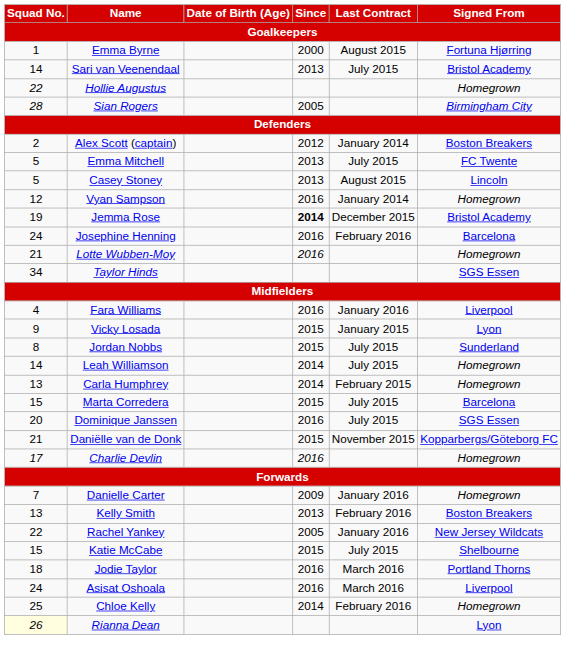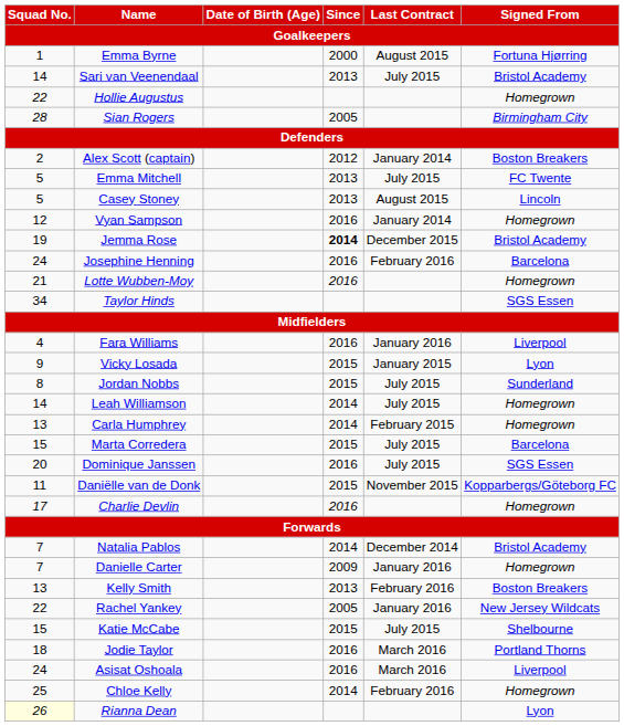 <table class="wikitable" style="text-align:center; font-size:100%; ">
 <tr>
 <th style="background:#d50000; color:white; text-align:center;">Squad No.</th>
 <th style="background:#d50000; color:white; text-align:center;">Name</th>
 <th style="background:#d50000; color:white; text-align:center;">Date of Birth (Age)</th>
 <th style="background:#d50000; color:white; text-align:center;">Since</th>
 <th style="background:#d50000; color:white; text-align:center;">Last Contract</th>
 <th style="background:#d50000; color:white; text-align:center;">Signed From</th>
 </tr>
 <tr>
 <th colspan="6" style="background:#d50000; color:white; text-align:center">Goalkeepers</th>
 </tr>
 <tr>
 <td>1</td>
 <td> <a href='#'>Emma Byrne</a></td>
 <td></td>
 <td>2000</td>
 <td>August 2015</td>
 <td> <a href='#'>Fortuna Hjørring</a></td>
 </tr>
 <tr>
 <td>14</td>
 <td> <a href='#'>Sari van Veenendaal</a></td>
 <td></td>
 <td>2013</td>
 <td>July 2015</td>
 <td> <a href='#'>Bristol Academy</a></td>
 </tr>
 <tr>
 <td><em>22</em></td>
 <td><em> <a href='#'>Hollie Augustus</a></em></td>
 <td></td>
 <td></td>
 <td></td>
 <td><em>Homegrown</em></td>
 </tr>
 <tr>
 <td><em>28</em></td>
 <td><em> <a href='#'>Sian Rogers</a></em></td>
 <td></td>
 <td>2005</td>
 <td></td>
 <td> <em><a href='#'>Birmingham City</a></em></td>
 </tr>
 <tr>
 <th colspan="6" style="background:#d50000; color:white; text-align:center">Defenders</th>
 </tr>
 <tr>
 <td>2</td>
 <td> <a href='#'>Alex Scott</a> (<a href='#'>captain</a>)</td>
 <td></td>
 <td>2012</td>
 <td>January 2014</td>
 <td> <a href='#'>Boston Breakers</a></td>
 </tr>
 <tr>
 <td>5</td>
 <td> <a href='#'>Emma Mitchell</a></td>
 <td></td>
 <td>2013</td>
 <td>July 2015</td>
 <td> <a href='#'>FC Twente</a></td>
 </tr>
 <tr>
 <td>5</td>
 <td> <a href='#'>Casey Stoney</a></td>
 <td></td>
 <td>2013</td>
 <td>August 2015</td>
 <td> <a href='#'>Lincoln</a></td>
 </tr>
 <tr>
 <td>12</td>
 <td><em></em> <a href='#'>Vyan Sampson</a></td>
 <td></td>
 <td>2016</td>
 <td>January 2014</td>
 <td><em>Homegrown</em></td>
 </tr>
 <tr>
 <td>19</td>
 <td> <a href='#'>Jemma Rose</a></td>
 <td></td>
 <td><strong>2014</strong></td>
 <td>December 2015</td>
 <td> <a href='#'>Bristol Academy</a></td>
 </tr>
 <tr>
 <td>24</td>
 <td> <a href='#'>Josephine Henning</a></td>
 <td></td>
 <td>2016</td>
 <td>February 2016</td>
 <td> <a href='#'>Barcelona</a></td>
 </tr>
 <tr>
 <td>21</td>
 <td><em> <a href='#'>Lotte Wubben-Moy</a></em></td>
 <td><em></em></td>
 <td><em>2016</em></td>
 <td></td>
 <td><em>Homegrown</em></td>
 </tr>
 <tr>
 <td>34</td>
 <td><em> <a href='#'>Taylor Hinds</a></em></td>
 <td><em></em></td>
 <td></td>
 <td></td>
 <td> <a href='#'>SGS Essen</a></td>
 </tr>
 <tr>
 <th colspan="6" style="background:#d50000; color:white; text-align:center">Midfielders</th>
 </tr>
 <tr>
 <td>4</td>
 <td> <a href='#'>Fara Williams</a></td>
 <td></td>
 <td>2016</td>
 <td>January 2016</td>
 <td> <a href='#'>Liverpool</a></td>
 </tr>
 <tr>
 <td>9</td>
 <td> <a href='#'>Vicky Losada</a></td>
 <td></td>
 <td>2015</td>
 <td>January 2015</td>
 <td> <a href='#'>Lyon</a></td>
 </tr>
 <tr>
 <td>8</td>
 <td> <a href='#'>Jordan Nobbs</a></td>
 <td></td>
 <td>2015</td>
 <td>July 2015</td>
 <td> <a href='#'>Sunderland</a></td>
 </tr>
 <tr>
 <td>14</td>
 <td> <a href='#'>Leah Williamson</a></td>
 <td></td>
 <td>2014</td>
 <td>July 2015</td>
 <td><em>Homegrown</em></td>
 </tr>
 <tr>
 <td>13</td>
 <td> <a href='#'>Carla Humphrey</a></td>
 <td></td>
 <td>2014</td>
 <td>February 2015</td>
 <td><em>Homegrown</em></td>
 </tr>
 <tr>
 <td>15</td>
 <td> <a href='#'>Marta Corredera</a></td>
 <td></td>
 <td>2015</td>
 <td>July 2015</td>
 <td> <a href='#'>Barcelona</a></td>
 </tr>
 <tr>
 <td>20</td>
 <td> <a href='#'>Dominique Janssen</a></td>
 <td></td>
 <td>2016</td>
 <td>July 2015</td>
 <td> <a href='#'>SGS Essen</a></td>
 </tr>
 <tr>
-<td>21</td>
+<td>11</td>
 <td> <a href='#'>Daniëlle van de Donk</a></td>
 <td></td>
 <td>2015</td>
 <td>November 2015</td>
 <td> <a href='#'>Kopparbergs/Göteborg FC</a></td>
 </tr>
 <tr>
 <td><em>17</em></td>
 <td><em> <a href='#'>Charlie Devlin</a></em></td>
 <td><em></em></td>
 <td><em>2016</em></td>
 <td></td>
 <td><em>Homegrown</em></td>
 </tr>
 <tr>
 <th colspan="6" style="background:#d50000; color:white; text-align:center">Forwards</th>
+</tr>
+<tr>
+<td>7</td>
+<td> <a href='#'>Natalia Pablos</a></td>
+<td></td>
+<td>2014</td>
+<td>December 2014</td>
+<td> <a href='#'>Bristol Academy</a></td>
 </tr>
 <tr>
 <td>7</td>
 <td> <a href='#'>Danielle Carter</a></td>
 <td></td>
 <td>2009</td>
 <td>January 2016</td>
 <td><em>Homegrown</em></td>
 </tr>
 <tr>
 <td>13</td>
 <td> <a href='#'>Kelly Smith</a></td>
 <td></td>
 <td>2013</td>
 <td>February 2016</td>
 <td> <a href='#'>Boston Breakers</a></td>
 </tr>
 <tr>
 <td>22</td>
 <td> <a href='#'>Rachel Yankey</a></td>
 <td></td>
 <td>2005</td>
 <td>January 2016</td>
 <td> <a href='#'>New Jersey Wildcats</a></td>
 </tr>
 <tr>
 <td>15</td>
 <td> <a href='#'>Katie McCabe</a></td>
 <td></td>
 <td>2015</td>
 <td>July 2015</td>
 <td> <a href='#'>Shelbourne</a></td>
 </tr>
 <tr>
 <td>18</td>
 <td> <a href='#'>Jodie Taylor</a></td>
 <td></td>
 <td>2016</td>
 <td>March 2016</td>
 <td> <a href='#'>Portland Thorns</a></td>
 </tr>
 <tr>
 <td>24</td>
 <td> <a href='#'>Asisat Oshoala</a></td>
 <td></td>
 <td>2016</td>
 <td>March 2016</td>
 <td> <a href='#'>Liverpool</a></td>
 </tr>
 <tr>
 <td>25</td>
 <td> <a href='#'>Chloe Kelly</a></td>
 <td></td>
 <td>2014</td>
 <td>February 2016</td>
 <td><em>Homegrown</em></td>
 </tr>
 <tr>
 <td style="background: lightyellow;"><em>26</em></td>
 <td><em> <a href='#'>Rianna Dean</a></em></td>
 <td><em></em></td>
 <td></td>
 <td></td>
 <td> <a href='#'>Lyon</a></td>
 </tr>
 </table>
